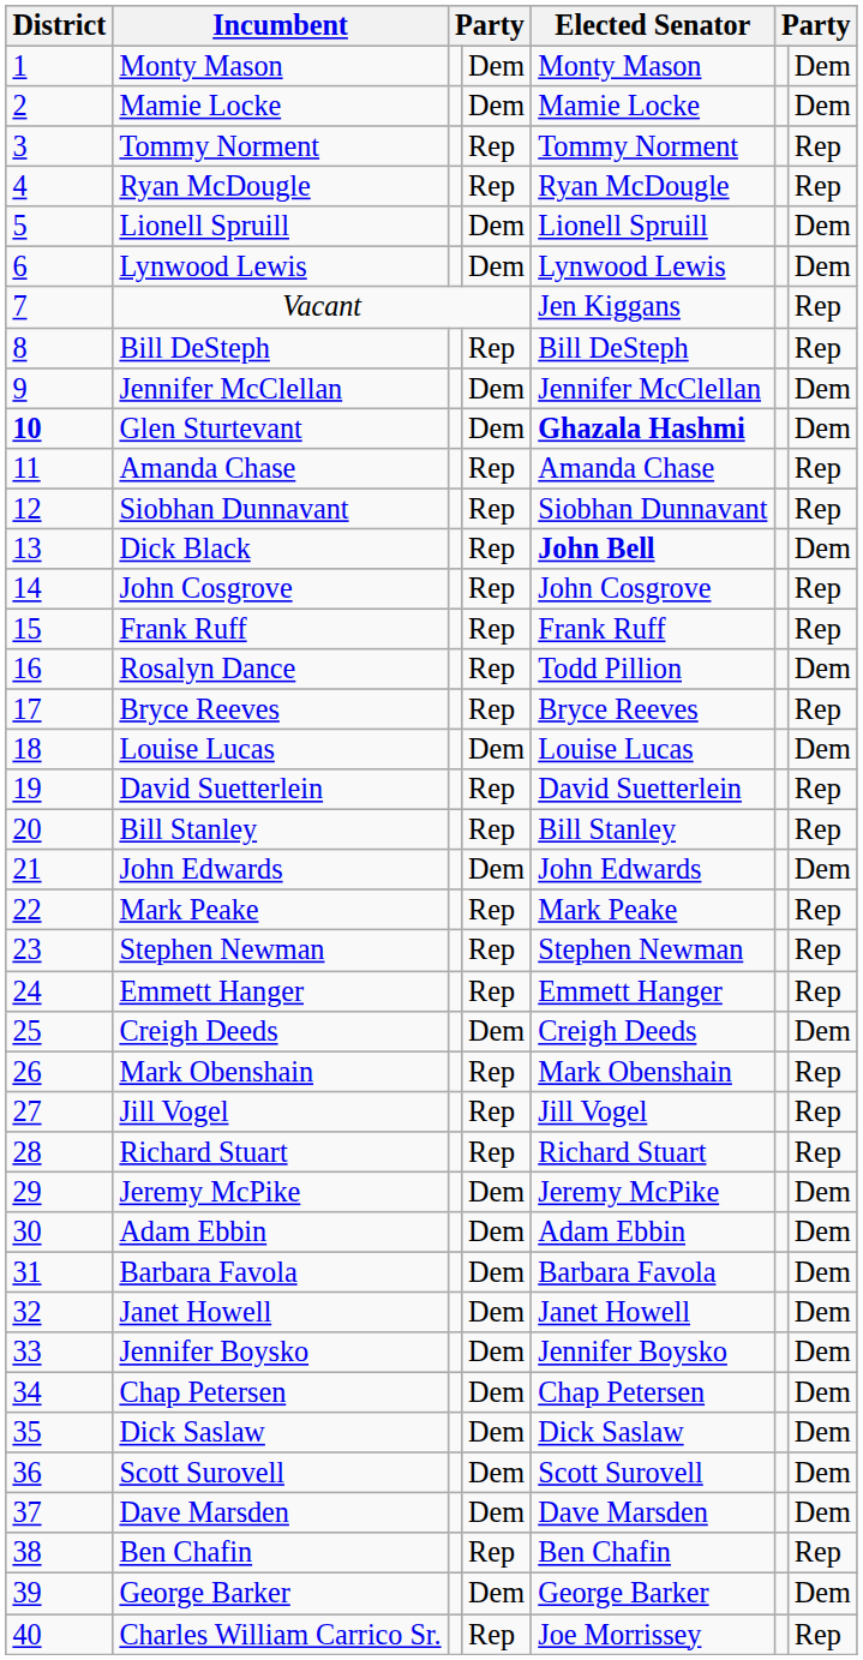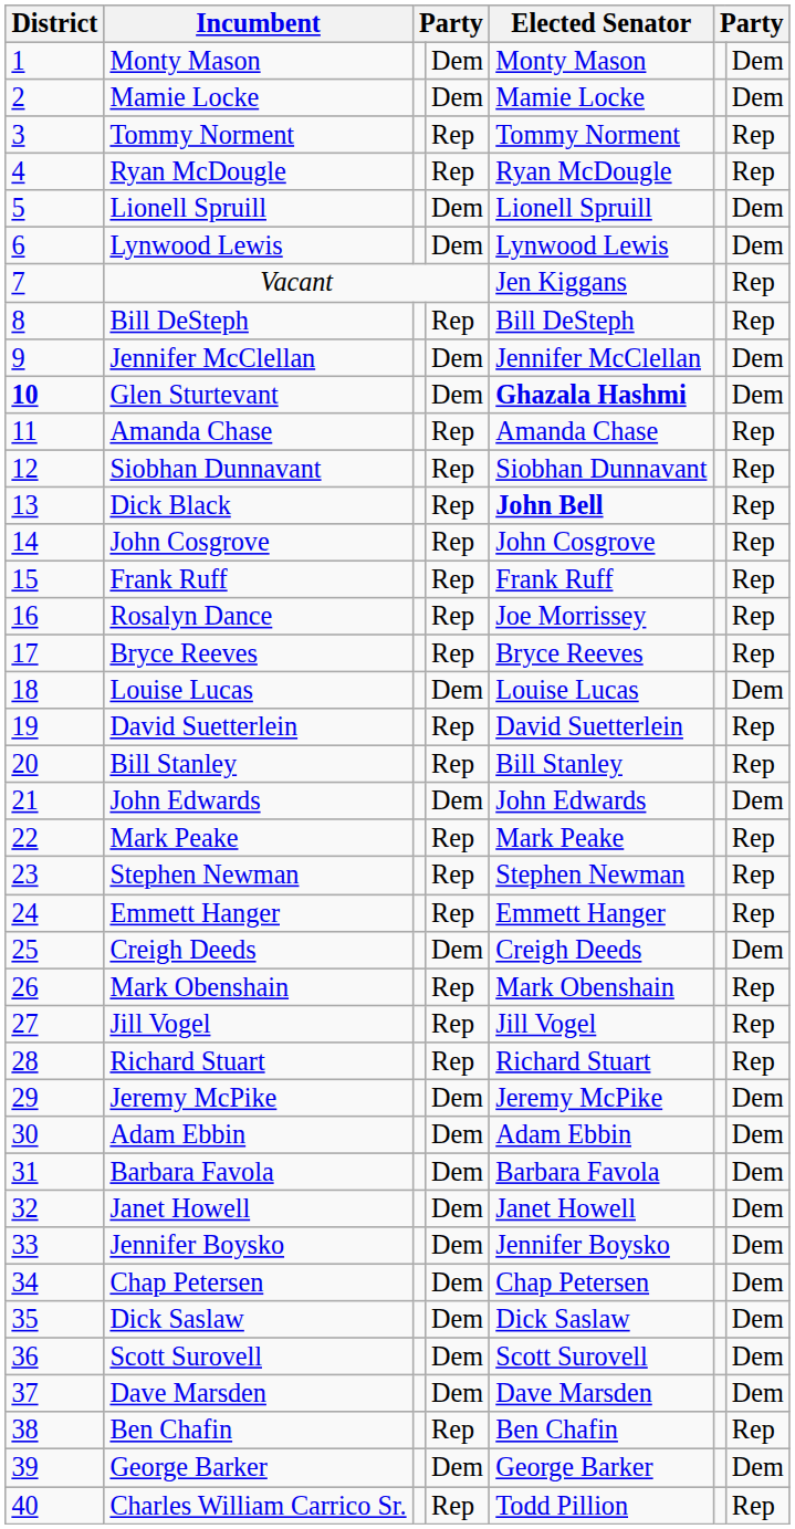 <table class="sortable wikitable" style="font-size:95%;line-height:14px;">
 <tr>
 <th>District</th>
 <th class="unsortable"><a href='#'>Incumbent</a></th>
 <th colspan="2">Party</th>
 <th class="unsortable">Elected Senator</th>
 <th colspan="2">Party</th>
 </tr>
 <tr>
 <td><a href='#'>1</a></td>
 <td><a href='#'>Monty Mason</a></td>
 <td style="background:"></td>
 <td>Dem</td>
 <td><a href='#'>Monty Mason</a></td>
 <td style="background:"></td>
 <td>Dem</td>
 </tr>
 <tr>
 <td><a href='#'>2</a></td>
 <td><a href='#'>Mamie Locke</a></td>
 <td style="background:"></td>
 <td>Dem</td>
 <td><a href='#'>Mamie Locke</a></td>
 <td style="background:"></td>
 <td>Dem</td>
 </tr>
 <tr>
 <td><a href='#'>3</a></td>
 <td><a href='#'>Tommy Norment</a></td>
 <td style="background:"></td>
 <td>Rep</td>
 <td><a href='#'>Tommy Norment</a></td>
 <td style="background:"></td>
 <td>Rep</td>
 </tr>
 <tr>
 <td><a href='#'>4</a></td>
 <td><a href='#'>Ryan McDougle</a></td>
 <td style="background:"></td>
 <td>Rep</td>
 <td><a href='#'>Ryan McDougle</a></td>
 <td style="background:"></td>
 <td>Rep</td>
 </tr>
 <tr>
 <td><a href='#'>5</a></td>
 <td><a href='#'>Lionell Spruill</a></td>
 <td style="background:"></td>
 <td>Dem</td>
 <td><a href='#'>Lionell Spruill</a></td>
 <td style="background:"></td>
 <td>Dem</td>
 </tr>
 <tr>
 <td><a href='#'>6</a></td>
 <td><a href='#'>Lynwood Lewis</a></td>
 <td style="background:"></td>
 <td>Dem</td>
 <td><a href='#'>Lynwood Lewis</a></td>
 <td style="background:"></td>
 <td>Dem</td>
 </tr>
 <tr>
 <td><a href='#'>7</a></td>
 <td colspan=3 align=center><em>Vacant</em></td>
 <td><a href='#'>Jen Kiggans</a></td>
 <td style="background:"></td>
 <td>Rep</td>
 </tr>
 <tr>
 <td><a href='#'>8</a></td>
 <td><a href='#'>Bill DeSteph</a></td>
 <td style="background:"></td>
 <td>Rep</td>
 <td><a href='#'>Bill DeSteph</a></td>
 <td style="background:"></td>
 <td>Rep</td>
 </tr>
 <tr>
 <td><a href='#'>9</a></td>
 <td><a href='#'>Jennifer McClellan</a></td>
 <td style="background:"></td>
 <td>Dem</td>
 <td><a href='#'>Jennifer McClellan</a></td>
 <td style="background:"></td>
 <td>Dem</td>
 </tr>
 <tr>
 <td><strong><a href='#'>10</a></strong></td>
 <td><a href='#'>Glen Sturtevant</a></td>
 <td style="background:"></td>
 <td>Dem</td>
 <td><strong><a href='#'>Ghazala Hashmi</a></strong></td>
 <td style="background:"></td>
 <td>Dem</td>
 </tr>
 <tr>
 <td><a href='#'>11</a></td>
 <td><a href='#'>Amanda Chase</a></td>
 <td style="background:"></td>
 <td>Rep</td>
 <td><a href='#'>Amanda Chase</a></td>
 <td style="background:"></td>
 <td>Rep</td>
 </tr>
 <tr>
 <td><a href='#'>12</a></td>
 <td><a href='#'>Siobhan Dunnavant</a></td>
 <td style="background:"></td>
 <td>Rep</td>
 <td><a href='#'>Siobhan Dunnavant</a></td>
 <td style="background:"></td>
 <td>Rep</td>
 </tr>
 <tr>
 <td><a href='#'>13</a></td>
 <td><a href='#'>Dick Black</a></td>
 <td style="background:"></td>
 <td>Rep</td>
 <td><strong><a href='#'>John Bell</a></strong></td>
 <td style="background:"></td>
-<td>Dem</td>
+<td>Rep</td>
 </tr>
 <tr>
 <td><a href='#'>14</a></td>
 <td><a href='#'>John Cosgrove</a></td>
 <td style="background:"></td>
 <td>Rep</td>
 <td><a href='#'>John Cosgrove</a></td>
 <td style="background:"></td>
 <td>Rep</td>
 </tr>
 <tr>
 <td><a href='#'>15</a></td>
 <td><a href='#'>Frank Ruff</a></td>
 <td style="background:"></td>
 <td>Rep</td>
 <td><a href='#'>Frank Ruff</a></td>
 <td style="background:"></td>
 <td>Rep</td>
 </tr>
 <tr>
 <td><a href='#'>16</a></td>
 <td><a href='#'>Rosalyn Dance</a></td>
 <td style="background:"></td>
 <td>Rep</td>
-<td><a href='#'>Todd Pillion</a></td>
+<td><a href='#'>Joe Morrissey</a></td>
 <td style="background:"></td>
-<td>Dem</td>
+<td>Rep</td>
 </tr>
 <tr>
 <td><a href='#'>17</a></td>
 <td><a href='#'>Bryce Reeves</a></td>
 <td style="background:"></td>
 <td>Rep</td>
 <td><a href='#'>Bryce Reeves</a></td>
 <td style="background:"></td>
 <td>Rep</td>
 </tr>
 <tr>
 <td><a href='#'>18</a></td>
 <td><a href='#'>Louise Lucas</a></td>
 <td style="background:"></td>
 <td>Dem</td>
 <td><a href='#'>Louise Lucas</a></td>
 <td style="background:"></td>
 <td>Dem</td>
 </tr>
 <tr>
 <td><a href='#'>19</a></td>
 <td><a href='#'>David Suetterlein</a></td>
 <td style="background:"></td>
 <td>Rep</td>
 <td><a href='#'>David Suetterlein</a></td>
 <td style="background:"></td>
 <td>Rep</td>
 </tr>
 <tr>
 <td><a href='#'>20</a></td>
 <td><a href='#'>Bill Stanley</a></td>
 <td style="background:"></td>
 <td>Rep</td>
 <td><a href='#'>Bill Stanley</a></td>
 <td style="background:"></td>
 <td>Rep</td>
 </tr>
 <tr>
 <td><a href='#'>21</a></td>
 <td><a href='#'>John Edwards</a></td>
 <td style="background:"></td>
 <td>Dem</td>
 <td><a href='#'>John Edwards</a></td>
 <td style="background:"></td>
 <td>Dem</td>
 </tr>
 <tr>
 <td><a href='#'>22</a></td>
 <td><a href='#'>Mark Peake</a></td>
 <td style="background:"></td>
 <td>Rep</td>
 <td><a href='#'>Mark Peake</a></td>
 <td style="background:"></td>
 <td>Rep</td>
 </tr>
 <tr>
 <td><a href='#'>23</a></td>
 <td><a href='#'>Stephen Newman</a></td>
 <td style="background:"></td>
 <td>Rep</td>
 <td><a href='#'>Stephen Newman</a></td>
 <td style="background:"></td>
 <td>Rep</td>
 </tr>
 <tr>
 <td><a href='#'>24</a></td>
 <td><a href='#'>Emmett Hanger</a></td>
 <td style="background:"></td>
 <td>Rep</td>
 <td><a href='#'>Emmett Hanger</a></td>
 <td style="background:"></td>
 <td>Rep</td>
 </tr>
 <tr>
 <td><a href='#'>25</a></td>
 <td><a href='#'>Creigh Deeds</a></td>
 <td style="background:"></td>
 <td>Dem</td>
 <td><a href='#'>Creigh Deeds</a></td>
 <td style="background:"></td>
 <td>Dem</td>
 </tr>
 <tr>
 <td><a href='#'>26</a></td>
 <td><a href='#'>Mark Obenshain</a></td>
 <td style="background:"></td>
 <td>Rep</td>
 <td><a href='#'>Mark Obenshain</a></td>
 <td style="background:"></td>
 <td>Rep</td>
 </tr>
 <tr>
 <td><a href='#'>27</a></td>
 <td><a href='#'>Jill Vogel</a></td>
 <td style="background:"></td>
 <td>Rep</td>
 <td><a href='#'>Jill Vogel</a></td>
 <td style="background:"></td>
 <td>Rep</td>
 </tr>
 <tr>
 <td><a href='#'>28</a></td>
 <td><a href='#'>Richard Stuart</a></td>
 <td style="background:"></td>
 <td>Rep</td>
 <td><a href='#'>Richard Stuart</a></td>
 <td style="background:"></td>
 <td>Rep</td>
 </tr>
 <tr>
 <td><a href='#'>29</a></td>
 <td><a href='#'>Jeremy McPike</a></td>
 <td style="background:"></td>
 <td>Dem</td>
 <td><a href='#'>Jeremy McPike</a></td>
 <td style="background:"></td>
 <td>Dem</td>
 </tr>
 <tr>
 <td><a href='#'>30</a></td>
 <td><a href='#'>Adam Ebbin</a></td>
 <td style="background:"></td>
 <td>Dem</td>
 <td><a href='#'>Adam Ebbin</a></td>
 <td style="background:"></td>
 <td>Dem</td>
 </tr>
 <tr>
 <td><a href='#'>31</a></td>
 <td><a href='#'>Barbara Favola</a></td>
 <td style="background:"></td>
 <td>Dem</td>
 <td><a href='#'>Barbara Favola</a></td>
 <td style="background:"></td>
 <td>Dem</td>
 </tr>
 <tr>
 <td><a href='#'>32</a></td>
 <td><a href='#'>Janet Howell</a></td>
 <td style="background:"></td>
 <td>Dem</td>
 <td><a href='#'>Janet Howell</a></td>
 <td style="background:"></td>
 <td>Dem</td>
 </tr>
 <tr>
 <td><a href='#'>33</a></td>
 <td><a href='#'>Jennifer Boysko</a></td>
 <td style="background:"></td>
 <td>Dem</td>
 <td><a href='#'>Jennifer Boysko</a></td>
 <td style="background:"></td>
 <td>Dem</td>
 </tr>
 <tr>
 <td><a href='#'>34</a></td>
 <td><a href='#'>Chap Petersen</a></td>
 <td style="background:"></td>
 <td>Dem</td>
 <td><a href='#'>Chap Petersen</a></td>
 <td style="background:"></td>
 <td>Dem</td>
 </tr>
 <tr>
 <td><a href='#'>35</a></td>
 <td><a href='#'>Dick Saslaw</a></td>
 <td style="background:"></td>
 <td>Dem</td>
 <td><a href='#'>Dick Saslaw</a></td>
 <td style="background:"></td>
 <td>Dem</td>
 </tr>
 <tr>
 <td><a href='#'>36</a></td>
 <td><a href='#'>Scott Surovell</a></td>
 <td style="background:"></td>
 <td>Dem</td>
 <td><a href='#'>Scott Surovell</a></td>
 <td style="background:"></td>
 <td>Dem</td>
 </tr>
 <tr>
 <td><a href='#'>37</a></td>
 <td><a href='#'>Dave Marsden</a></td>
 <td style="background:"></td>
 <td>Dem</td>
 <td><a href='#'>Dave Marsden</a></td>
 <td style="background:"></td>
 <td>Dem</td>
 </tr>
 <tr>
 <td><a href='#'>38</a></td>
 <td><a href='#'>Ben Chafin</a></td>
 <td style="background:"></td>
 <td>Rep</td>
 <td><a href='#'>Ben Chafin</a></td>
 <td style="background:"></td>
 <td>Rep</td>
 </tr>
 <tr>
 <td><a href='#'>39</a></td>
 <td><a href='#'>George Barker</a></td>
 <td style="background:"></td>
 <td>Dem</td>
 <td><a href='#'>George Barker</a></td>
 <td style="background:"></td>
 <td>Dem</td>
 </tr>
 <tr>
 <td><a href='#'>40</a></td>
 <td><a href='#'>Charles William Carrico Sr.</a></td>
 <td style="background:"></td>
 <td>Rep</td>
-<td><a href='#'>Joe Morrissey</a></td>
+<td><a href='#'>Todd Pillion</a></td>
 <td style="background:"></td>
 <td>Rep</td>
 </tr>
 </table>
